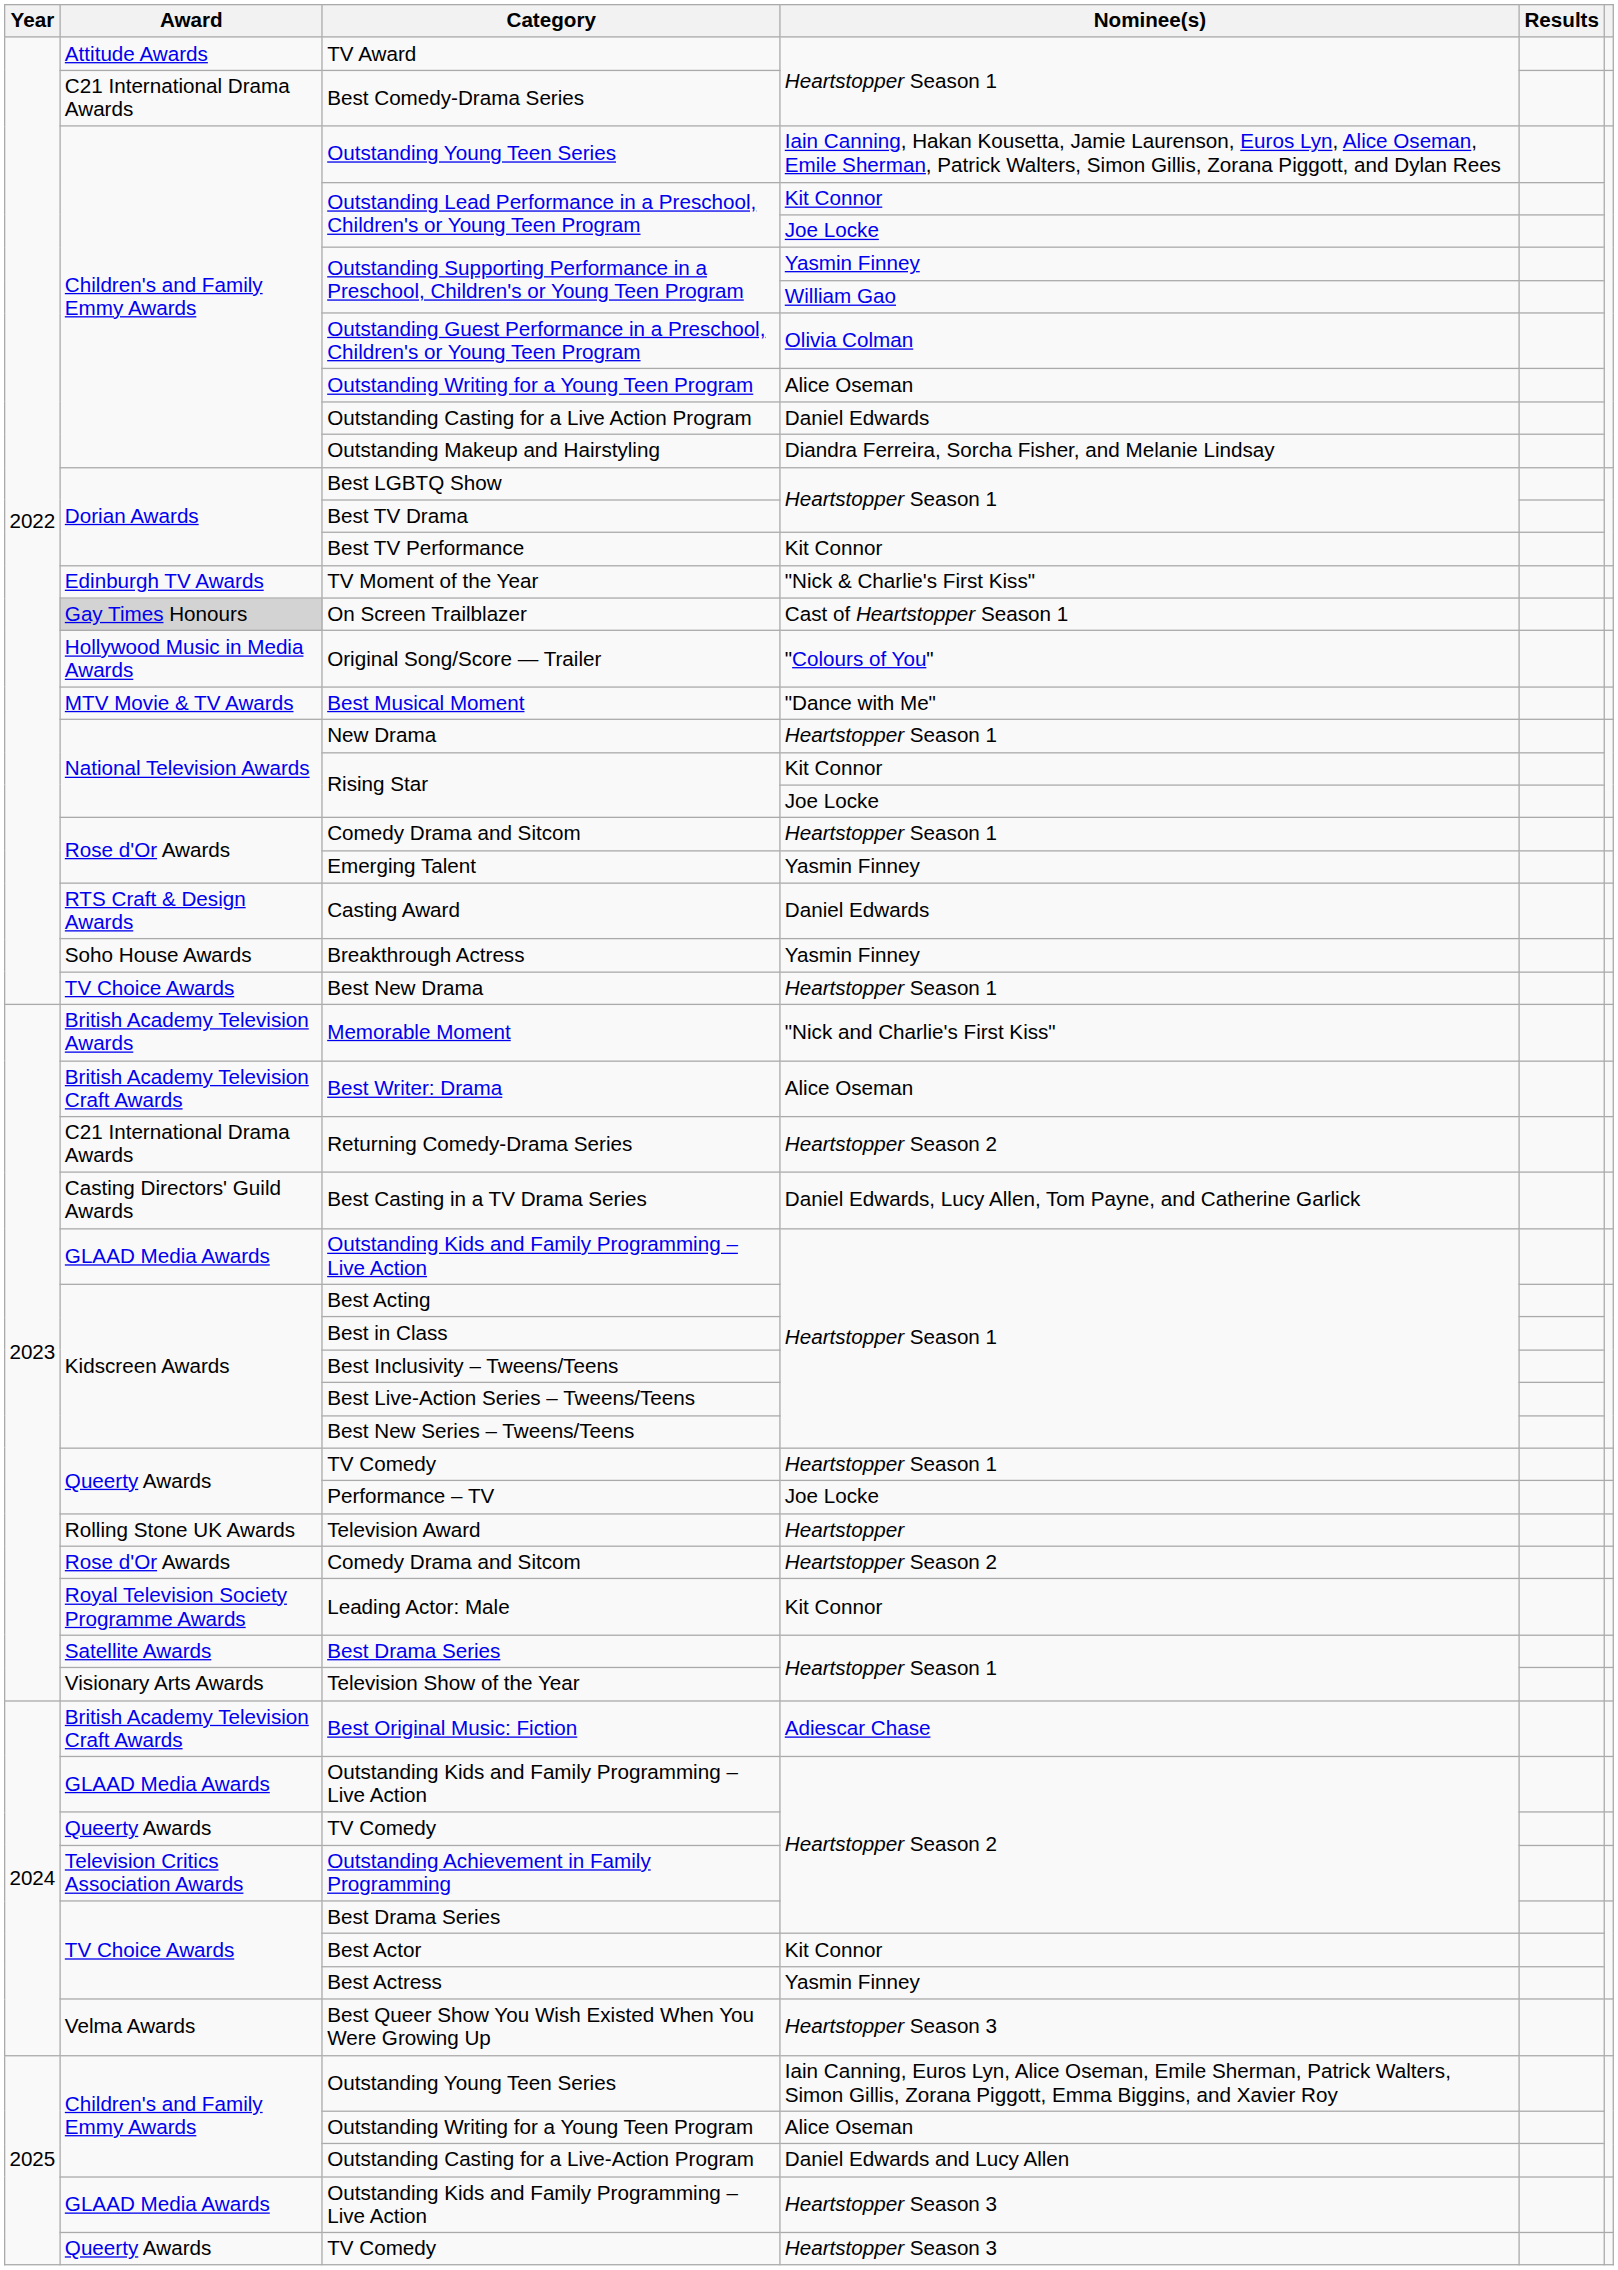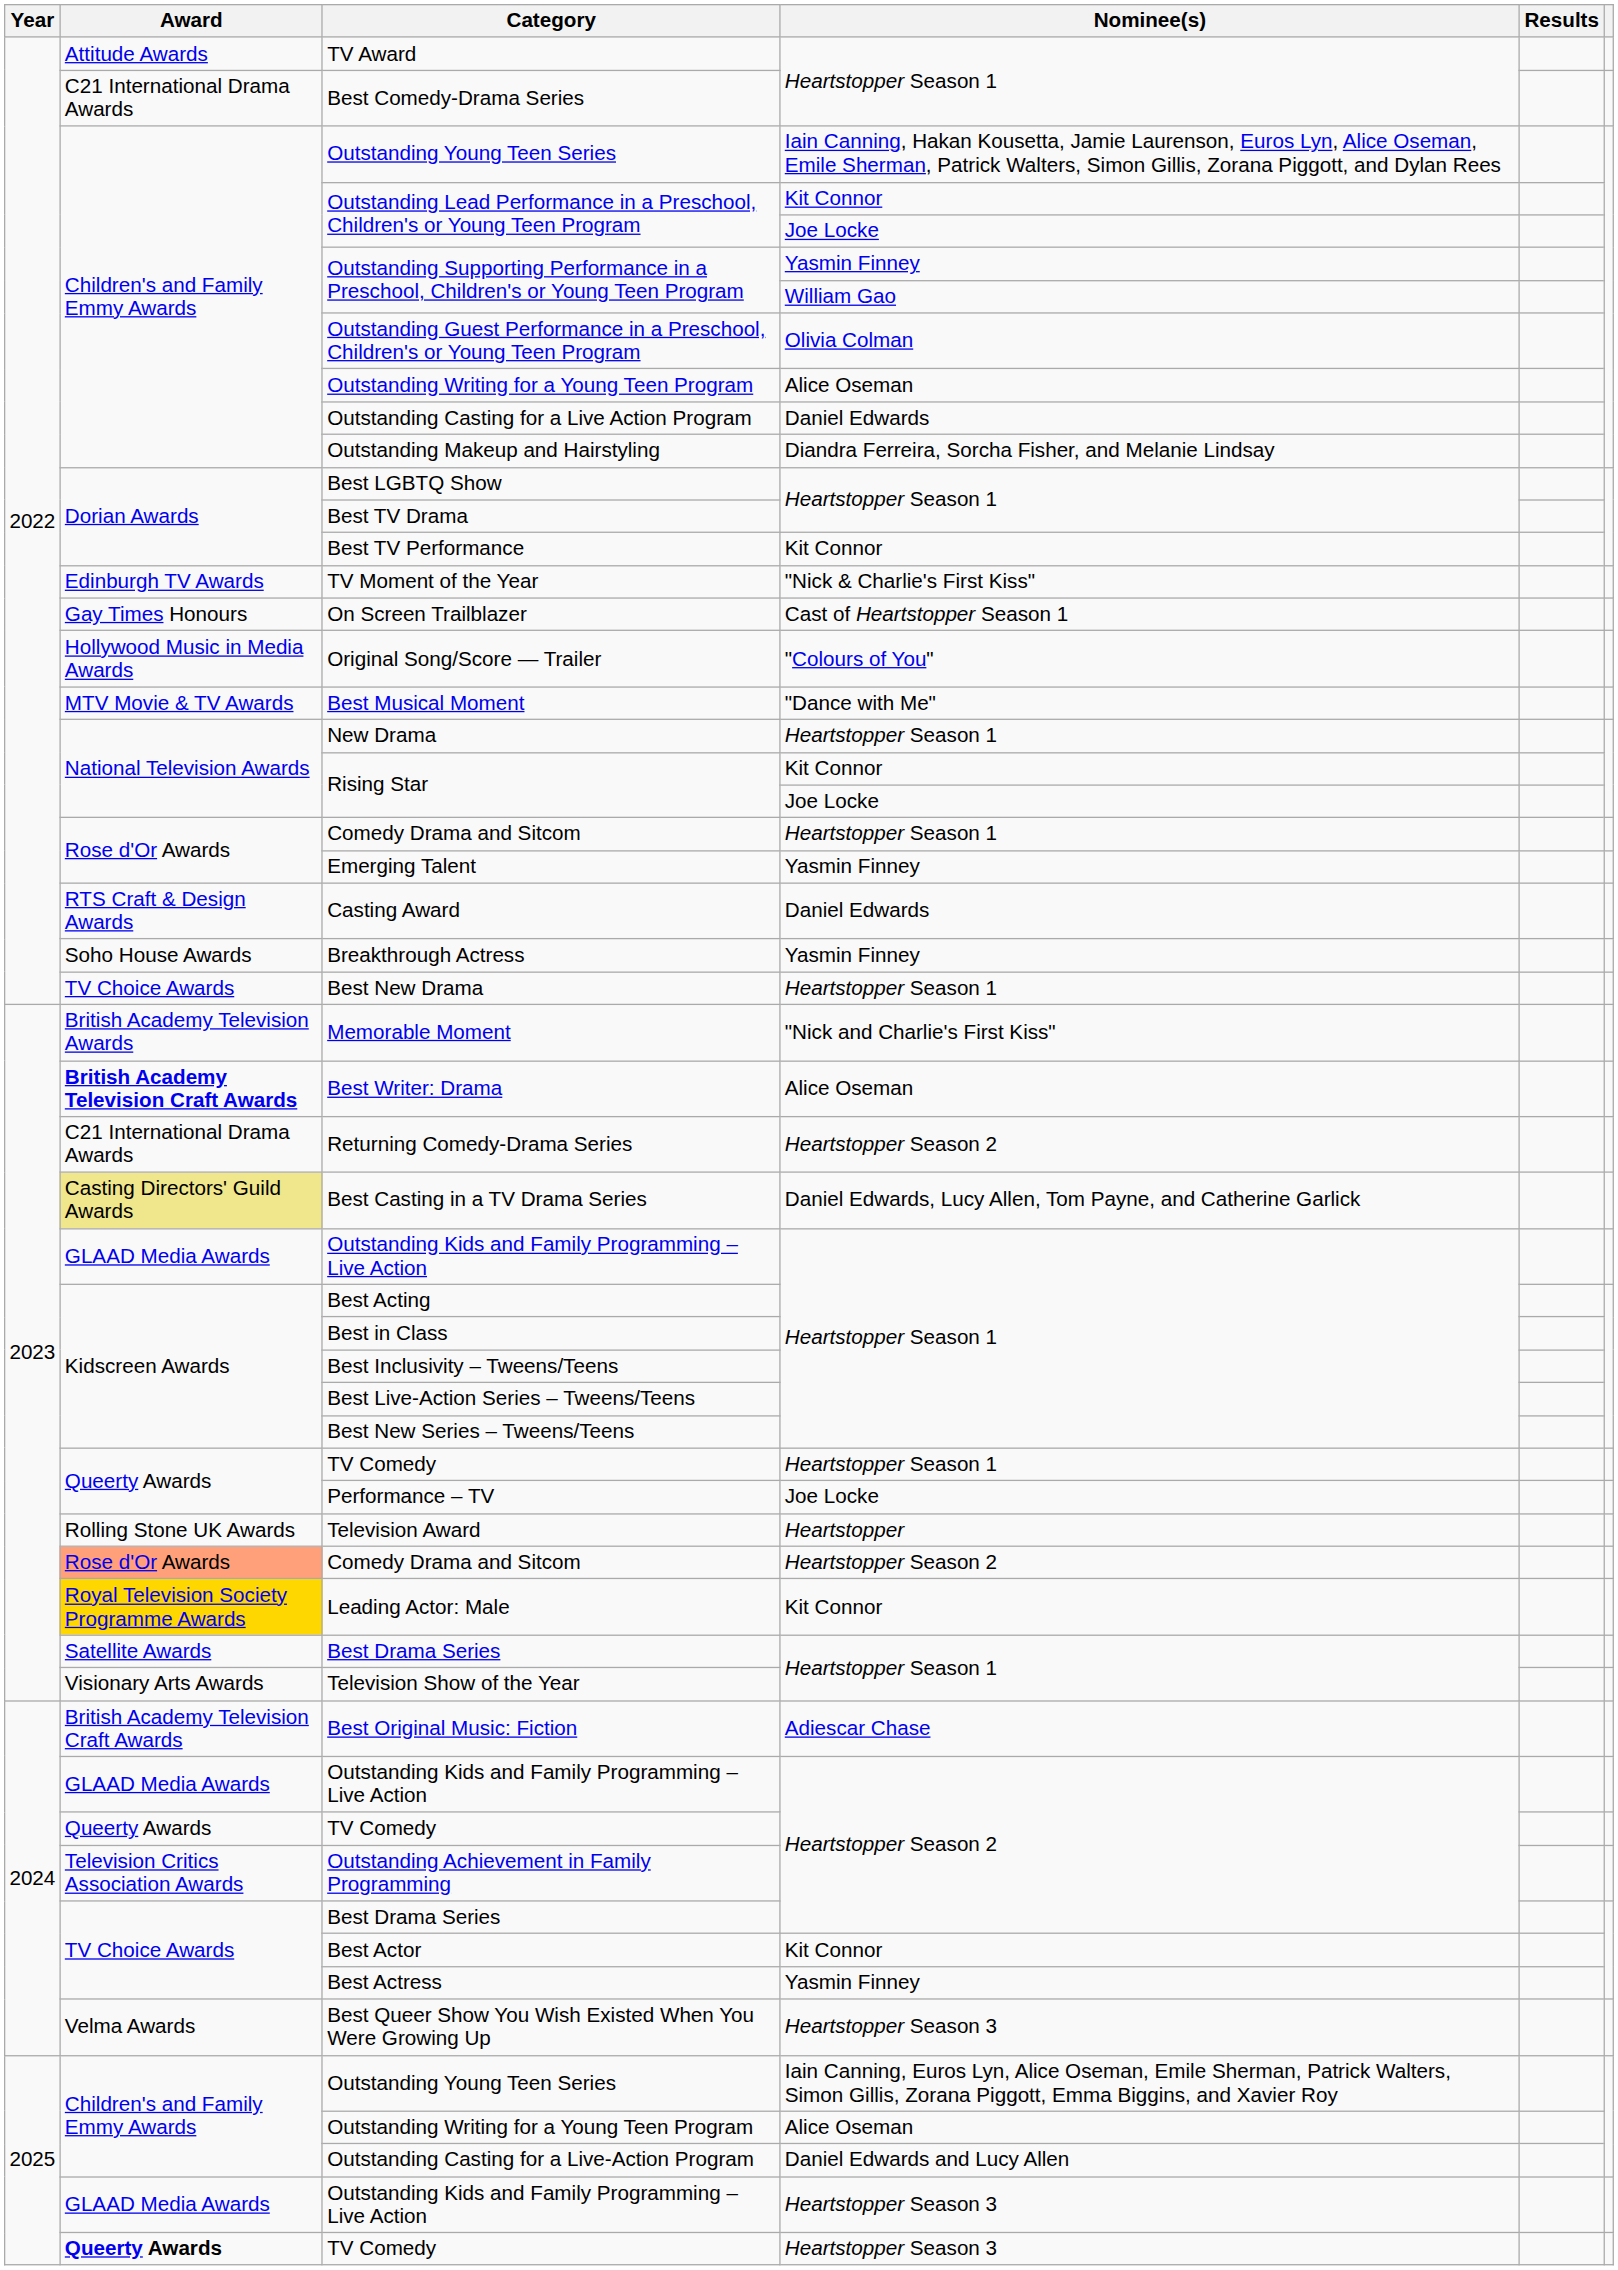 <table class="wikitable plainrowheaders sortable">
 <tr>
 <th scope="col">Year</th>
 <th scope="col">Award</th>
 <th scope="col">Category</th>
 <th scope="col">Nominee(s)</th>
 <th scope="col">Results</th>
 <th scope="col" class="unsortable"></th>
 </tr>
 <tr>
 <td rowspan="26" style="text-align: center;">2022</td>
 <td><a href='#'>Attitude Awards</a></td>
 <td>TV Award</td>
 <td rowspan="2"><em>Heartstopper</em> Season 1</td>
 <td></td>
 <td style="text-align: center;"></td>
 </tr>
 <tr>
 <td>C21 International Drama Awards</td>
 <td>Best Comedy-Drama Series</td>
 <td></td>
 <td style="text-align: center;"></td>
 </tr>
 <tr>
 <td rowspan="9"><a href='#'>Children's and Family Emmy Awards</a></td>
 <td><a href='#'>Outstanding Young Teen Series</a></td>
 <td><a href='#'>Iain Canning</a>, Hakan Kousetta, Jamie Laurenson, <a href='#'>Euros Lyn</a>, <a href='#'>Alice Oseman</a>, <a href='#'>Emile Sherman</a>, Patrick Walters, Simon Gillis, Zorana Piggott, and Dylan Rees</td>
 <td></td>
 <td rowspan="9" style="text-align: center;"><br></td>
 </tr>
 <tr>
 <td rowspan="2"><a href='#'>Outstanding Lead Performance in a Preschool, Children's or Young Teen Program</a></td>
 <td data-sort-value="Connor, Kit"><a href='#'>Kit Connor</a></td>
 <td></td>
 </tr>
 <tr>
 <td data-sort-value="Locke, Joe"><a href='#'>Joe Locke</a></td>
 <td></td>
 </tr>
 <tr>
 <td rowspan="2"><a href='#'>Outstanding Supporting Performance in a Preschool, Children's or Young Teen Program</a></td>
 <td data-sort-value="Finney, Yasmin"><a href='#'>Yasmin Finney</a></td>
 <td></td>
 </tr>
 <tr>
 <td data-sort-value="Gao, William"><a href='#'>William Gao</a></td>
 <td></td>
 </tr>
 <tr>
 <td><a href='#'>Outstanding Guest Performance in a Preschool, Children's or Young Teen Program</a></td>
 <td data-sort-value="Colman, Olivia"><a href='#'>Olivia Colman</a></td>
 <td></td>
 </tr>
 <tr>
 <td><a href='#'>Outstanding Writing for a Young Teen Program</a></td>
 <td data-sort-value="Oseman, Alice">Alice Oseman</td>
 <td></td>
 </tr>
 <tr>
 <td>Outstanding Casting for a Live Action Program</td>
 <td data-sort-value="Edwards, Daniel">Daniel Edwards</td>
 <td></td>
 </tr>
 <tr>
 <td>Outstanding Makeup and Hairstyling</td>
 <td data-sort-value="Ferreira, Diandra, Sorcha Fisher and Melanie Lindsay">Diandra Ferreira, Sorcha Fisher, and Melanie Lindsay</td>
 <td></td>
 </tr>
 <tr>
 <td rowspan="3"><a href='#'>Dorian Awards</a></td>
 <td>Best LGBTQ Show</td>
 <td rowspan="2"><em>Heartstopper</em> Season 1</td>
 <td></td>
 <td rowspan="3" style="text-align: center;"></td>
 </tr>
 <tr>
 <td>Best TV Drama</td>
 <td></td>
 </tr>
 <tr>
 <td>Best TV Performance</td>
 <td data-sort-value="Connor, Kit">Kit Connor</td>
 <td></td>
 </tr>
 <tr>
 <td><a href='#'>Edinburgh TV Awards</a></td>
 <td>TV Moment of the Year</td>
 <td data-sort-value="Nick & Charlie's First Kiss">"Nick & Charlie's First Kiss"</td>
 <td></td>
 <td style="text-align: center;"></td>
 </tr>
 <tr>
-<td style="background: lightgrey;"><a href='#'>Gay Times</a> Honours</td>
+<td><a href='#'>Gay Times</a> Honours</td>
 <td>On Screen Trailblazer</td>
 <td>Cast of <em>Heartstopper</em> Season 1</td>
 <td></td>
 <td style="text-align: center;"></td>
 </tr>
 <tr>
 <td><a href='#'>Hollywood Music in Media Awards</a></td>
 <td>Original Song/Score — Trailer</td>
 <td data-sort-value="Colours of You">"<a href='#'>Colours of You</a>"</td>
 <td></td>
 <td style="text-align: center;"></td>
 </tr>
 <tr>
 <td><a href='#'>MTV Movie & TV Awards</a></td>
 <td><a href='#'>Best Musical Moment</a></td>
 <td data-sort-value="Dance with Me">"Dance with Me"</td>
 <td></td>
 <td style="text-align: center;"></td>
 </tr>
 <tr>
 <td rowspan="3"><a href='#'>National Television Awards</a></td>
 <td>New Drama</td>
 <td><em>Heartstopper</em> Season 1</td>
 <td></td>
 <td rowspan="3" style="text-align:center;"></td>
 </tr>
 <tr>
 <td rowspan="2">Rising Star</td>
 <td data-sort-value="Connor, Kit">Kit Connor</td>
 <td></td>
 </tr>
 <tr>
 <td data-sort-value="Locke, Joe">Joe Locke</td>
 <td></td>
 </tr>
 <tr>
 <td rowspan="2"><a href='#'>Rose d'Or</a> Awards</td>
 <td>Comedy Drama and Sitcom</td>
 <td><em>Heartstopper</em> Season 1</td>
 <td></td>
 <td style="text-align: center;"></td>
 </tr>
 <tr>
 <td>Emerging Talent</td>
 <td data-sort-value="Finney, Yasmin">Yasmin Finney</td>
 <td></td>
 <td style="text-align: center;"></td>
 </tr>
 <tr>
 <td><a href='#'>RTS Craft & Design Awards</a></td>
 <td>Casting Award</td>
 <td data-sort-value="Edwards, Daniel">Daniel Edwards</td>
 <td></td>
 <td style="text-align:center;"></td>
 </tr>
 <tr>
 <td>Soho House Awards</td>
 <td>Breakthrough Actress</td>
 <td data-sort-value="Finney, Yasmin">Yasmin Finney</td>
 <td></td>
 <td style="text-align:center;"></td>
 </tr>
 <tr>
 <td><a href='#'>TV Choice Awards</a></td>
 <td>Best New Drama</td>
 <td><em>Heartstopper</em> Season 1</td>
 <td></td>
 <td style="text-align:center;"></td>
 </tr>
 <tr>
 <td rowspan="17" style="text-align: center;">2023</td>
 <td><a href='#'>British Academy Television Awards</a></td>
 <td><a href='#'>Memorable Moment</a></td>
 <td>"Nick and Charlie's First Kiss"</td>
 <td></td>
 <td style="text-align:center;"></td>
 </tr>
 <tr>
-<td><a href='#'>British Academy Television Craft Awards</a></td>
+<td><strong><a href='#'>British Academy Television Craft Awards</a></strong></td>
 <td><a href='#'>Best Writer: Drama</a></td>
 <td>Alice Oseman</td>
 <td></td>
 <td style="text-align:center;"></td>
 </tr>
 <tr>
 <td>C21 International Drama Awards</td>
 <td>Returning Comedy-Drama Series</td>
 <td><em>Heartstopper</em> Season 2</td>
 <td></td>
 <td style="text-align: center;"></td>
 </tr>
 <tr>
-<td>Casting Directors' Guild Awards</td>
+<td style="background: khaki;">Casting Directors' Guild Awards</td>
 <td>Best Casting in a TV Drama Series</td>
 <td data-sort-value="Edwards, Daniel, Lucy Allen, Tom Payne and Catherine Garlick">Daniel Edwards, Lucy Allen, Tom Payne, and Catherine Garlick</td>
 <td></td>
 <td style="text-align:center;"></td>
 </tr>
 <tr>
 <td><a href='#'>GLAAD Media Awards</a></td>
 <td><a href='#'>Outstanding Kids and Family Programming – Live Action</a></td>
 <td rowspan="6"><em>Heartstopper</em> Season 1</td>
 <td></td>
 <td style="text-align:center;"></td>
 </tr>
 <tr>
 <td rowspan="5">Kidscreen Awards</td>
 <td>Best Acting</td>
 <td></td>
 <td rowspan="5" style="text-align: center;"><br></td>
 </tr>
 <tr>
 <td>Best in Class</td>
 <td></td>
 </tr>
 <tr>
 <td>Best Inclusivity – Tweens/Teens</td>
 <td></td>
 </tr>
 <tr>
 <td>Best Live-Action Series – Tweens/Teens</td>
 <td></td>
 </tr>
 <tr>
 <td>Best New Series – Tweens/Teens</td>
 <td></td>
 </tr>
 <tr>
 <td rowspan="2"><a href='#'>Queerty</a> Awards</td>
 <td>TV Comedy</td>
 <td><em>Heartstopper</em> Season 1</td>
 <td></td>
 <td style="text-align: center;"></td>
 </tr>
 <tr>
 <td>Performance – TV</td>
 <td>Joe Locke</td>
 <td></td>
 <td style="text-align: center;"></td>
 </tr>
 <tr>
 <td>Rolling Stone UK Awards</td>
 <td>Television Award</td>
 <td><em>Heartstopper</em></td>
 <td></td>
 <td style="text-align: center;"></td>
 </tr>
 <tr>
-<td><a href='#'>Rose d'Or</a> Awards</td>
+<td style="background: lightsalmon;"><a href='#'>Rose d'Or</a> Awards</td>
 <td>Comedy Drama and Sitcom</td>
 <td><em>Heartstopper</em> Season 2</td>
 <td></td>
 <td style="text-align: center;"></td>
 </tr>
 <tr>
-<td><a href='#'>Royal Television Society Programme Awards</a></td>
+<td style="background: gold;"><a href='#'>Royal Television Society Programme Awards</a></td>
 <td>Leading Actor: Male</td>
 <td>Kit Connor</td>
 <td></td>
 <td style="text-align: center;"></td>
 </tr>
 <tr>
 <td><a href='#'>Satellite Awards</a></td>
 <td><a href='#'>Best Drama Series</a></td>
 <td rowspan="2"><em>Heartstopper</em> Season 1</td>
 <td></td>
 <td style="text-align: center;"></td>
 </tr>
 <tr>
 <td>Visionary Arts Awards</td>
 <td>Television Show of the Year</td>
 <td></td>
 <td style="text-align: center;"></td>
 </tr>
 <tr>
 <td rowspan="8" style="text-align: center;">2024</td>
 <td><a href='#'>British Academy Television Craft Awards</a></td>
 <td><a href='#'>Best Original Music: Fiction</a></td>
 <td><a href='#'>Adiescar Chase</a></td>
 <td></td>
 <td style="text-align: center;"></td>
 </tr>
 <tr>
 <td><a href='#'>GLAAD Media Awards</a></td>
 <td>Outstanding Kids and Family Programming – Live Action</td>
 <td rowspan="4"><em>Heartstopper</em> Season 2</td>
 <td></td>
 <td style="text-align:center;"></td>
 </tr>
 <tr>
 <td><a href='#'>Queerty</a> Awards</td>
 <td>TV Comedy</td>
 <td></td>
 <td style="text-align:center;"></td>
 </tr>
 <tr>
 <td><a href='#'>Television Critics Association Awards</a></td>
 <td><a href='#'>Outstanding Achievement in Family Programming</a></td>
 <td></td>
 <td style="text-align:center;"></td>
 </tr>
 <tr>
 <td rowspan="3"><a href='#'>TV Choice Awards</a></td>
 <td>Best Drama Series</td>
 <td></td>
 <td rowspan="3" style="text-align:center;"></td>
 </tr>
 <tr>
 <td>Best Actor</td>
 <td>Kit Connor</td>
 <td></td>
 </tr>
 <tr>
 <td>Best Actress</td>
 <td>Yasmin Finney</td>
 <td></td>
 </tr>
 <tr>
 <td>Velma Awards</td>
 <td>Best Queer Show You Wish Existed When You Were Growing Up</td>
 <td><em>Heartstopper</em> Season 3</td>
 <td></td>
 <td style="text-align:center;"></td>
 </tr>
 <tr>
 <td rowspan="5" style="text-align: center;">2025</td>
 <td rowspan="3"><a href='#'>Children's and Family Emmy Awards</a></td>
 <td>Outstanding Young Teen Series</td>
 <td>Iain Canning, Euros Lyn, Alice Oseman, Emile Sherman, Patrick Walters, Simon Gillis, Zorana Piggott, Emma Biggins, and Xavier Roy</td>
 <td></td>
 <td rowspan="3" style="text-align:center;"></td>
 </tr>
 <tr>
 <td>Outstanding Writing for a Young Teen Program</td>
 <td>Alice Oseman</td>
 <td></td>
 </tr>
 <tr>
 <td>Outstanding Casting for a Live-Action Program</td>
 <td>Daniel Edwards and Lucy Allen</td>
 <td></td>
 </tr>
 <tr>
 <td><a href='#'>GLAAD Media Awards</a></td>
 <td>Outstanding Kids and Family Programming – Live Action</td>
 <td><em>Heartstopper</em> Season 3</td>
 <td></td>
 <td style="text-align:center;"></td>
 </tr>
 <tr>
-<td><a href='#'>Queerty</a> Awards</td>
+<td><strong><a href='#'>Queerty</a> Awards</strong></td>
 <td>TV Comedy</td>
 <td><em>Heartstopper</em> Season 3</td>
 <td></td>
 <td style="text-align:center;"></td>
 </tr>
 </table>
